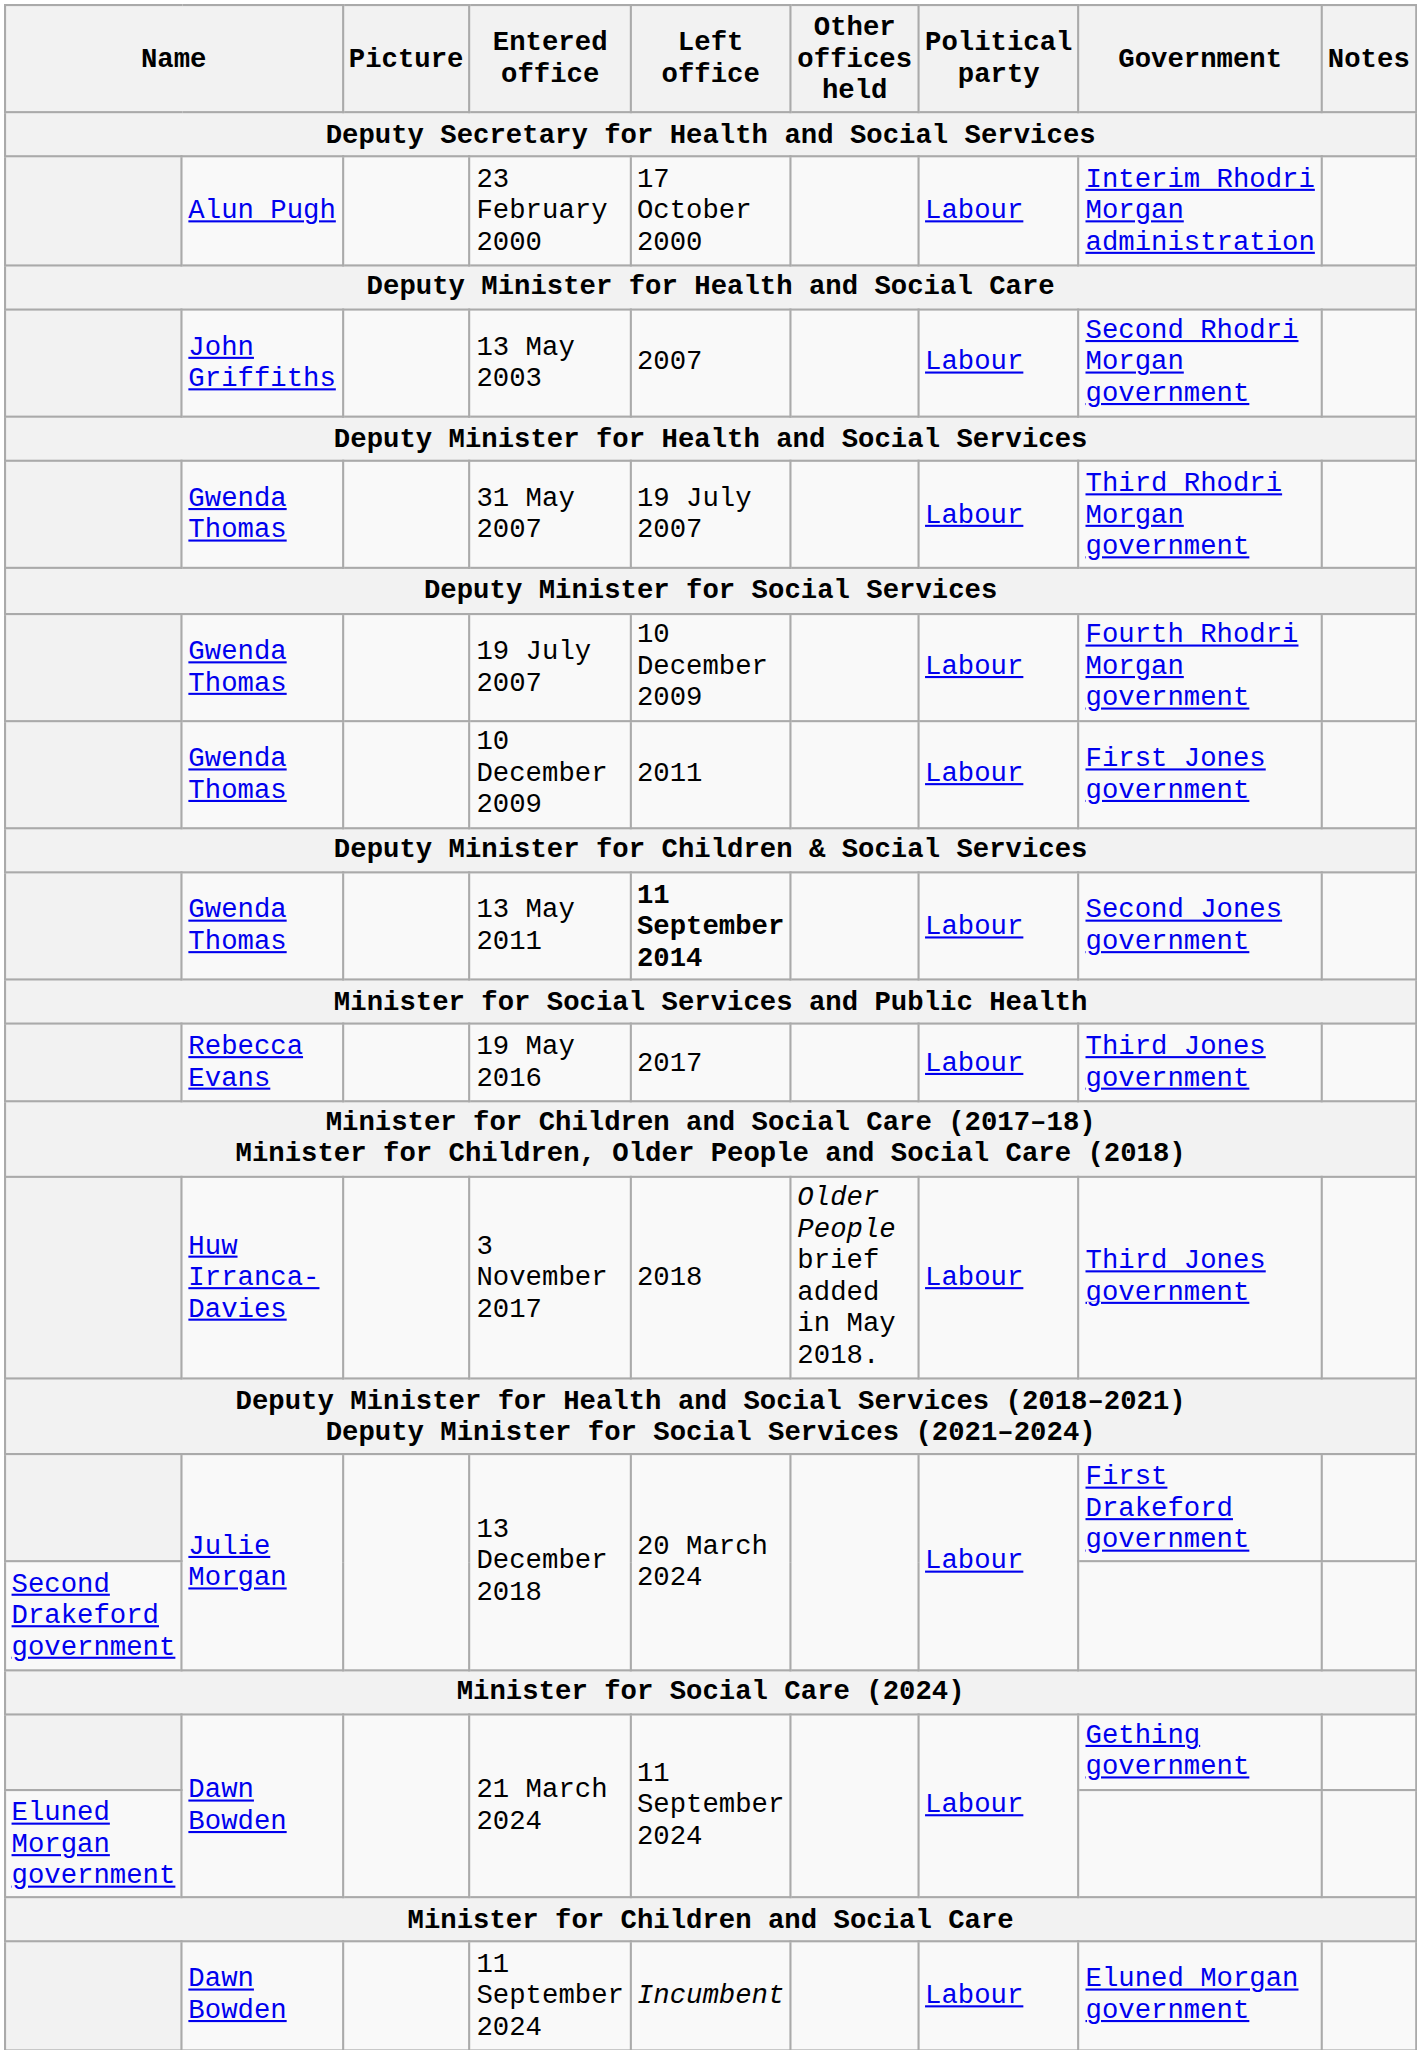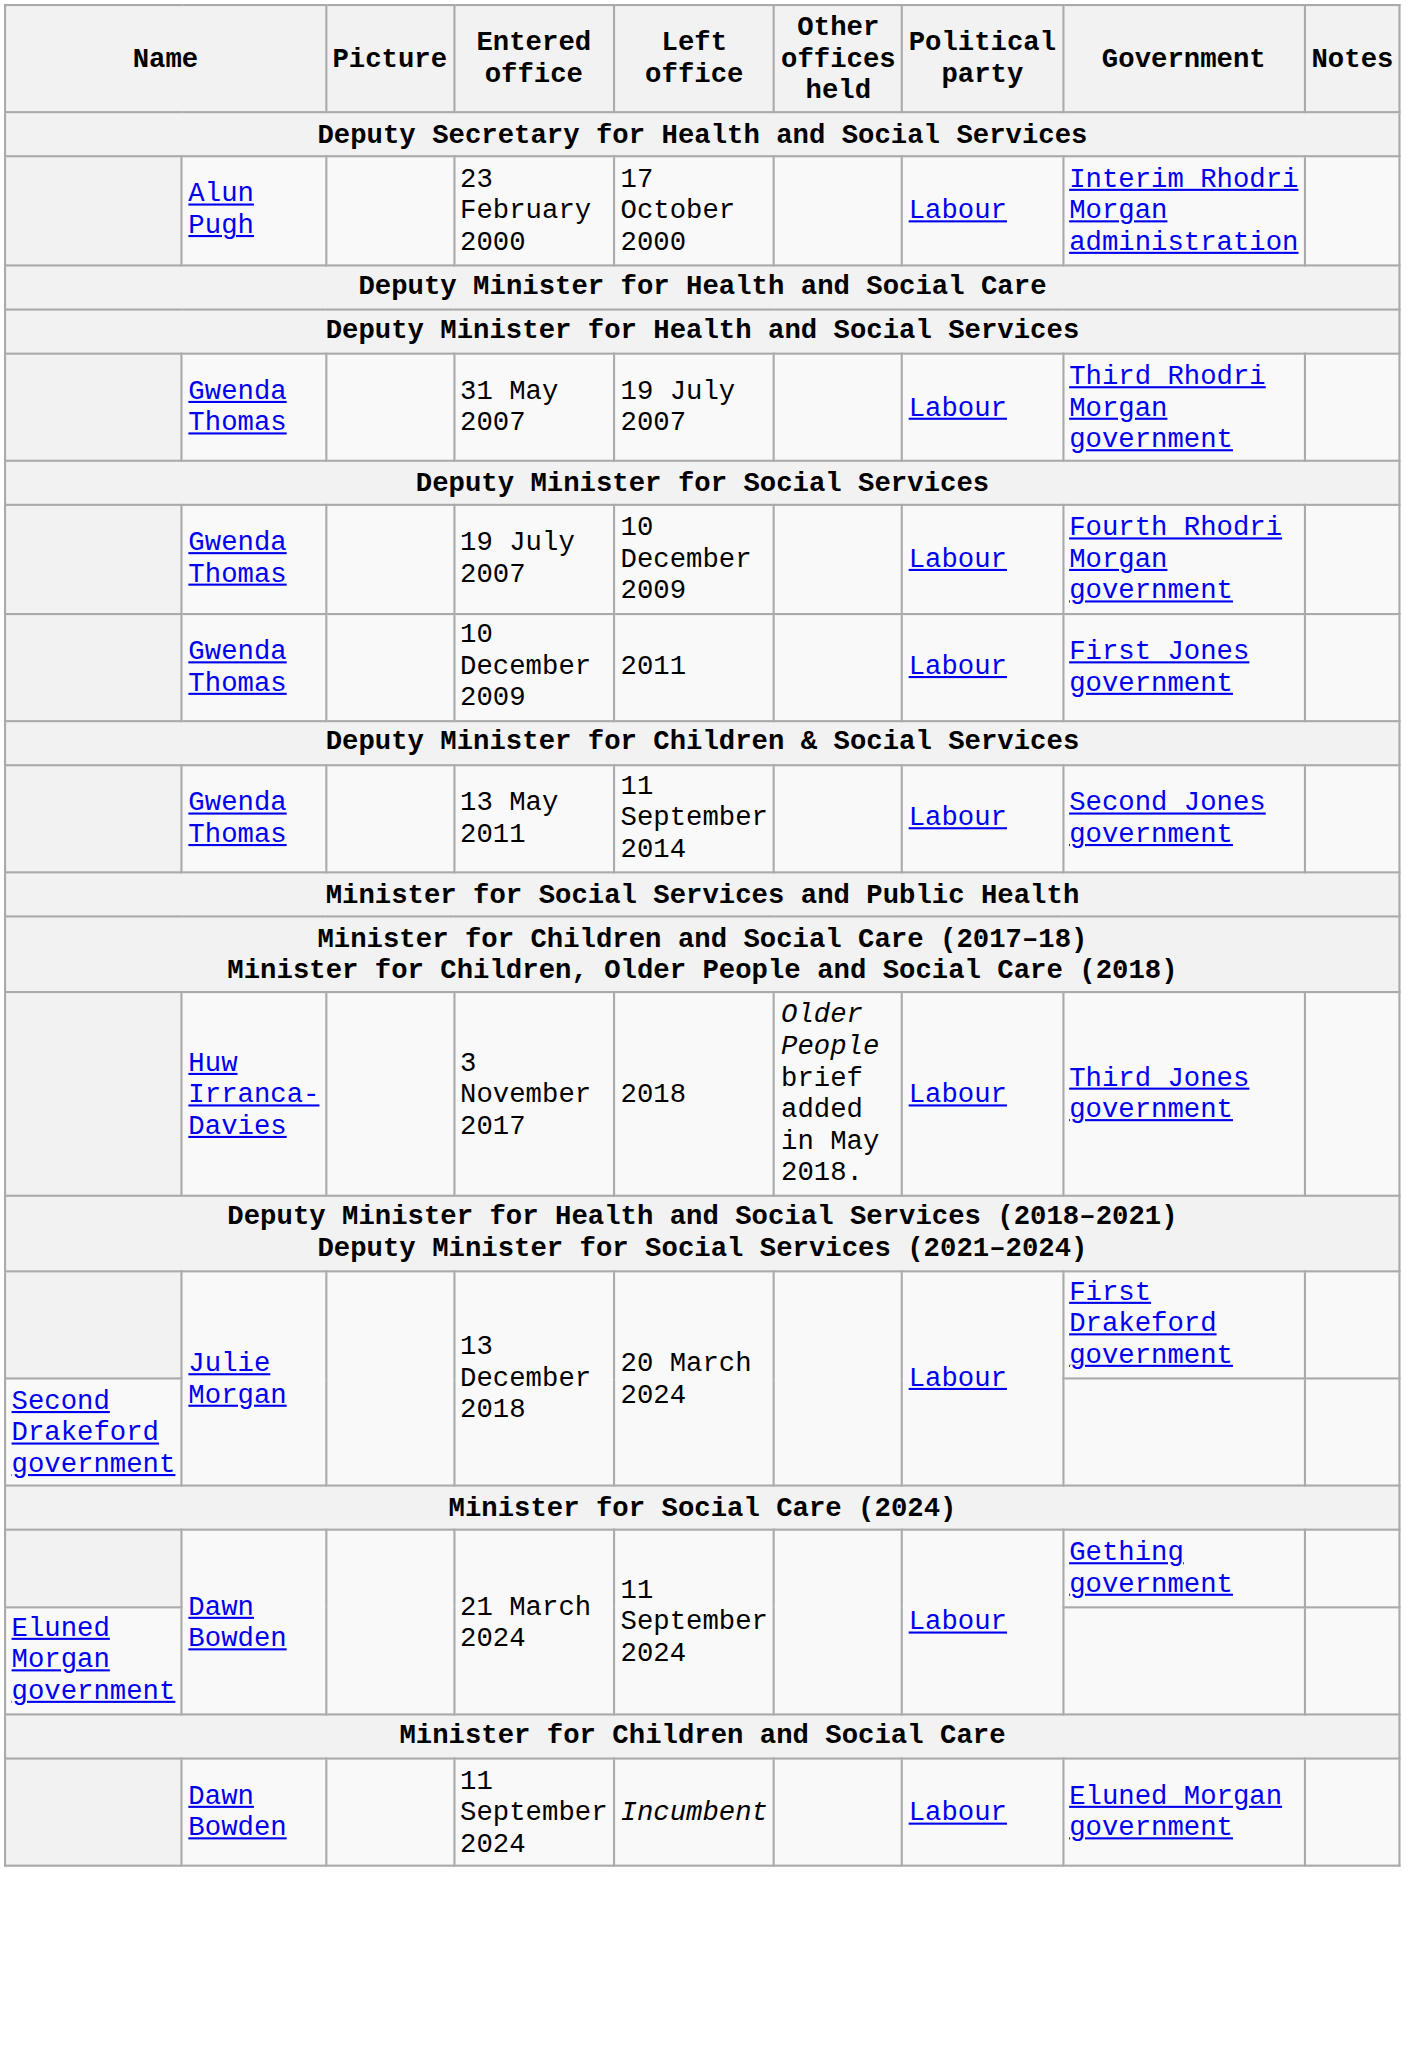 <table class="wikitable">
 <tr>
 <th colspan="2">Name</th>
 <th>Picture</th>
 <th>Entered office</th>
 <th>Left office</th>
 <th>Other offices held</th>
 <th>Political party</th>
 <th>Government</th>
 <th>Notes</th>
 </tr>
 <tr>
 <th colspan="9"><strong>Deputy Secretary for Health and Social Services</strong></th>
 </tr>
 <tr>
 <th style="background-color:"></th>
 <td><a href='#'>Alun Pugh</a></td>
 <td></td>
 <td>23 February 2000</td>
 <td>17 October 2000</td>
 <td></td>
 <td><a href='#'>Labour</a></td>
 <td><a href='#'>Interim Rhodri Morgan administration</a></td>
 <td></td>
 </tr>
 <tr>
 <th colspan="9">Deputy Minister for Health and Social Care</th>
-</tr>
-<tr>
-<th style="background-color:"></th>
-<td><a href='#'>John Griffiths</a></td>
-<td></td>
-<td>13 May 2003</td>
-<td>2007</td>
-<td></td>
-<td><a href='#'>Labour</a></td>
-<td><a href='#'>Second Rhodri Morgan government</a></td>
-<td></td>
 </tr>
 <tr>
 <th colspan="9">Deputy Minister for Health and Social Services</th>
 </tr>
 <tr>
 <th style="background-color:"></th>
 <td><a href='#'>Gwenda Thomas</a></td>
 <td></td>
 <td>31 May 2007</td>
 <td>19 July 2007</td>
 <td></td>
 <td><a href='#'>Labour</a></td>
 <td><a href='#'>Third Rhodri Morgan government</a></td>
 <td></td>
 </tr>
 <tr>
 <th colspan="9">Deputy Minister for Social Services</th>
 </tr>
 <tr>
 <th style="background-color:"></th>
 <td><a href='#'>Gwenda Thomas</a></td>
 <td></td>
 <td>19 July 2007</td>
 <td>10 December 2009</td>
 <td></td>
 <td><a href='#'>Labour</a></td>
 <td><a href='#'>Fourth Rhodri Morgan government</a></td>
 <td></td>
 </tr>
 <tr>
 <th style="background-color:"></th>
 <td><a href='#'>Gwenda Thomas</a></td>
 <td></td>
 <td>10 December 2009</td>
 <td>2011</td>
 <td></td>
 <td><a href='#'>Labour</a></td>
 <td><a href='#'>First Jones government</a></td>
 <td></td>
 </tr>
 <tr>
 <th colspan="9"><strong>Deputy Minister for Children & Social Services</strong></th>
 </tr>
 <tr>
 <th style="background-color:"></th>
 <td><a href='#'>Gwenda Thomas</a></td>
 <td></td>
 <td>13 May 2011</td>
-<td><strong>11 September 2014</strong></td>
+<td>11 September 2014</td>
 <td></td>
 <td><a href='#'>Labour</a></td>
 <td><a href='#'>Second Jones government</a></td>
 <td></td>
 </tr>
 <tr>
 <th colspan="9">Minister for Social Services and Public Health</th>
-</tr>
-<tr>
-<th style="background-color:"></th>
-<td><a href='#'>Rebecca Evans</a></td>
-<td></td>
-<td>19 May 2016</td>
-<td>2017</td>
-<td></td>
-<td><a href='#'>Labour</a></td>
-<td><a href='#'>Third Jones government</a></td>
-<td></td>
 </tr>
 <tr>
 <th colspan="9"><strong>Minister for Children and Social Care (2017–18)</strong><br>Minister for Children, Older People and Social Care (2018)</th>
 </tr>
 <tr>
 <th style="background-color:"></th>
 <td><a href='#'>Huw Irranca-Davies</a></td>
 <td></td>
 <td>3 November 2017</td>
 <td>2018</td>
 <td><em>Older People</em> brief added in May 2018.</td>
 <td><a href='#'>Labour</a></td>
 <td><a href='#'>Third Jones government</a></td>
 <td></td>
 </tr>
 <tr>
 <th colspan="9">Deputy Minister for Health and Social Services (2018–2021)<br>Deputy Minister for Social Services (2021–2024)</th>
 </tr>
 <tr>
 <th style="background-color:"></th>
 <td rowspan="2"><a href='#'>Julie Morgan</a></td>
 <td rowspan="2"></td>
 <td rowspan="2">13 December 2018</td>
 <td rowspan="2">20 March 2024</td>
 <td rowspan="2"></td>
 <td rowspan="2"><a href='#'>Labour</a></td>
 <td><a href='#'>First Drakeford government</a></td>
 <td></td>
 </tr>
 <tr>
 <td><a href='#'>Second Drakeford government</a></td>
 <td></td>
 </tr>
 <tr>
 <th colspan="9">Minister for Social Care (2024)</th>
 </tr>
 <tr>
 <th style="background-color:"></th>
 <td rowspan="2"><a href='#'>Dawn Bowden</a></td>
 <td rowspan="2"></td>
 <td rowspan="2">21 March 2024</td>
 <td rowspan="2">11 September 2024</td>
 <td rowspan="2"></td>
 <td rowspan="2"><a href='#'>Labour</a></td>
 <td><a href='#'>Gething government</a></td>
 <td></td>
 </tr>
 <tr>
 <td><a href='#'>Eluned Morgan government</a></td>
 <td></td>
 </tr>
 <tr>
 <th colspan="9">Minister for Children and Social Care</th>
 </tr>
 <tr>
 <th style="background-color:"></th>
 <td><a href='#'>Dawn Bowden</a></td>
 <td></td>
 <td>11 September 2024</td>
 <td><em>Incumbent</em></td>
 <td></td>
 <td><a href='#'>Labour</a></td>
 <td><a href='#'>Eluned Morgan government</a></td>
 <td></td>
 </tr>
 </table>
